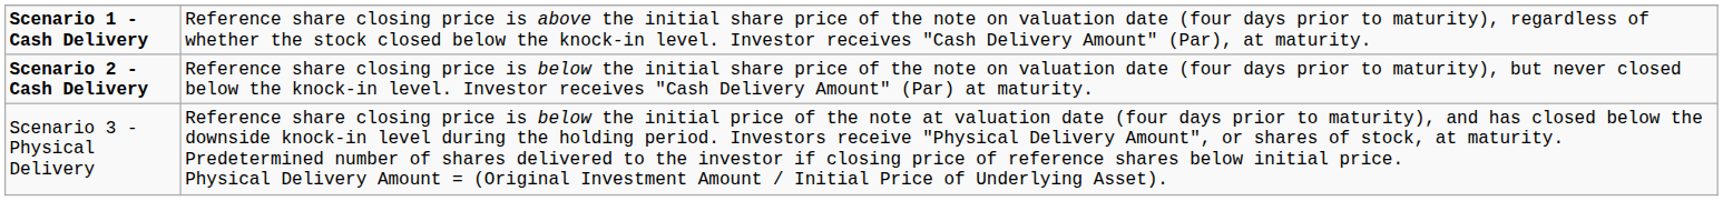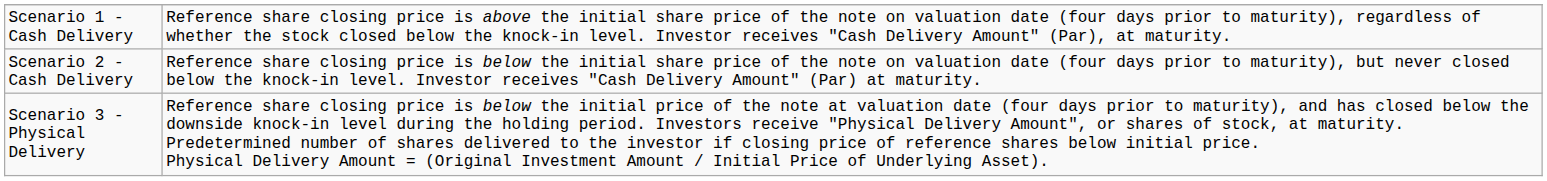 <table class="wikitable">
 <tr>
 </tr>
 <tr>
-<td><strong>Scenario 1 -Cash Delivery </strong></td>
+<td>Scenario 1 -Cash Delivery </td>
 <td>Reference share closing price is <em>above</em> the initial share price of the note on valuation date (four days prior to maturity), regardless of whether the stock closed below the knock-in level. Investor receives "Cash Delivery Amount" (Par), at maturity.</td>
 </tr>
 <tr>
-<td><strong>Scenario 2 - Cash Delivery </strong></td>
+<td>Scenario 2 - Cash Delivery </td>
 <td>Reference share closing price is <em>below</em> the initial share price of the note on valuation date (four days prior to maturity), but never closed below the knock-in level. Investor receives "Cash Delivery Amount" (Par) at maturity.</td>
 </tr>
 <tr>
 <td>Scenario 3 - Physical Delivery </td>
 <td>Reference share closing price is <em>below</em> the initial price of the note at valuation date (four days prior to maturity), and has closed below the downside knock-in level during the holding period. Investors receive "Physical Delivery Amount", or shares of stock, at maturity. Predetermined number of shares delivered to the investor if closing price of reference shares below initial price.<br>Physical Delivery Amount = (Original Investment Amount / Initial Price of Underlying Asset).</td>
 </tr>
 </table>
